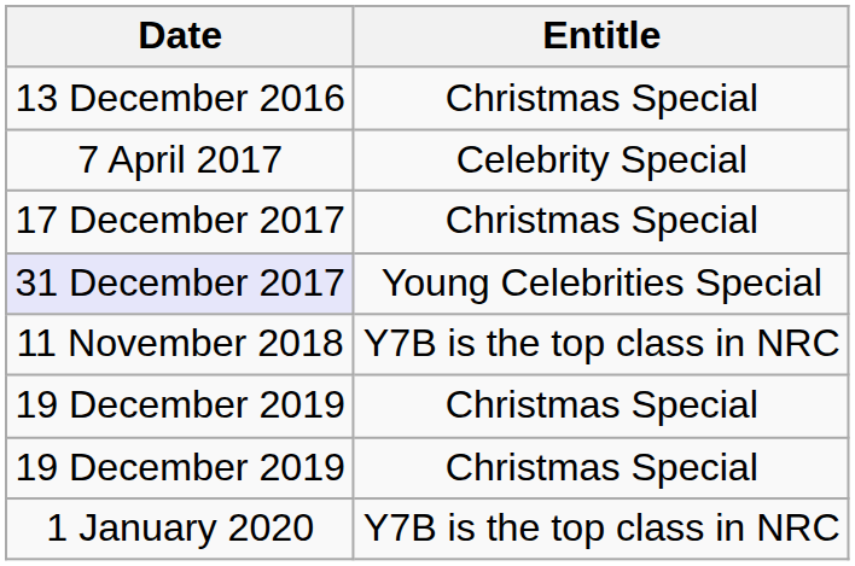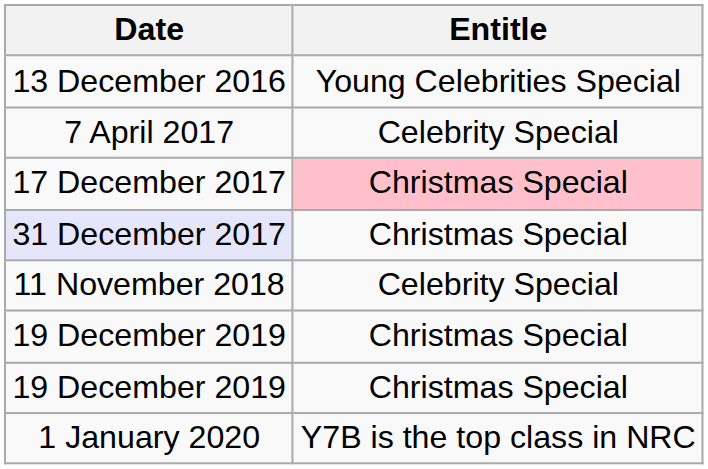 <table class="wikitable" style="text-align:center;">
 <tr>
 <th>Date</th>
 <th>Entitle</th>
 </tr>
 <tr>
 <td>13 December 2016</td>
-<td>Christmas Special</td>
+<td>Young Celebrities Special</td>
 </tr>
 <tr>
 <td>7 April 2017</td>
 <td>Celebrity Special</td>
 </tr>
 <tr>
 <td>17 December 2017</td>
+<td style="background: pink;">Christmas Special</td>
+</tr>
+<tr>
+<td style="background: lavender;">31 December 2017</td>
 <td>Christmas Special</td>
 </tr>
 <tr>
-<td style="background: lavender;">31 December 2017</td>
-<td>Young Celebrities Special</td>
-</tr>
-<tr>
 <td>11 November 2018</td>
-<td>Y7B is the top class in NRC</td>
+<td>Celebrity Special</td>
 </tr>
 <tr>
 <td>19 December 2019</td>
 <td>Christmas Special</td>
 </tr>
 <tr>
 <td>19 December 2019</td>
 <td>Christmas Special</td>
 </tr>
 <tr>
 <td>1 January 2020</td>
 <td>Y7B is the top class in NRC</td>
 </tr>
 </table>
